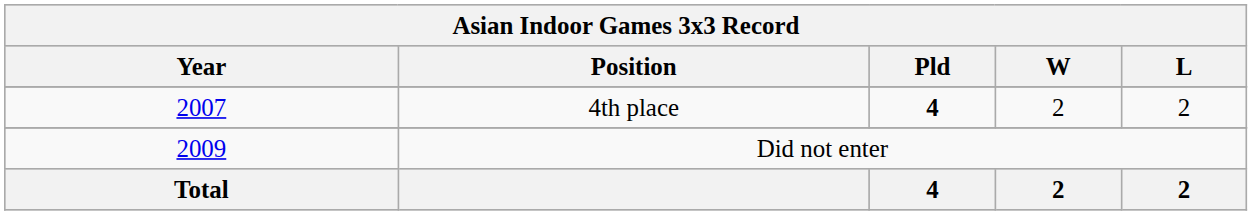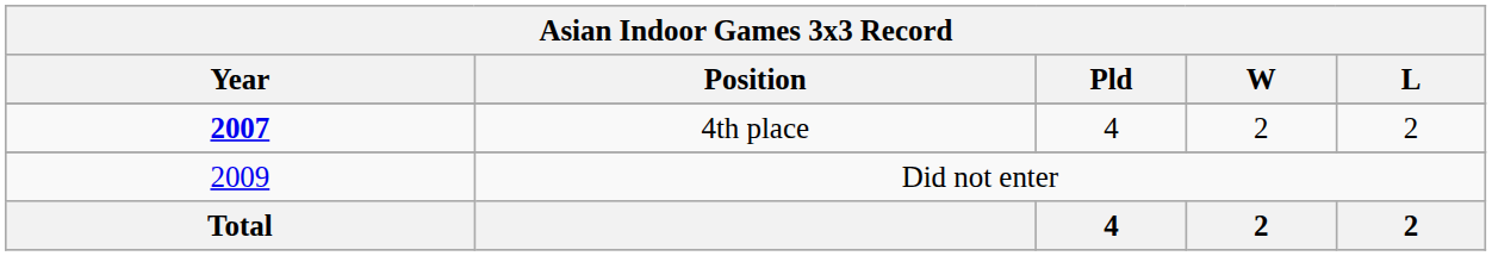 <table class="wikitable collapsible autocollapse" style="text-align: center; font-size:95%;" width=60%>
 <tr>
 <th colspan=9>Asian Indoor Games 3x3 Record</th>
 </tr>
 <tr>
 <th width=25%>Year</th>
 <th width=30%>Position</th>
 <th width=8%>Pld</th>
 <th width=8%>W</th>
 <th width=8%>L</th>
 </tr>
 <tr>
 </tr>
 <tr bgcolor=>
-<td> <a href='#'>2007</a></td>
+<td><strong> <a href='#'>2007</a></strong></td>
 <td>4th place</td>
-<td><strong>4</strong></td>
+<td>4</td>
 <td>2</td>
 <td>2</td>
 </tr>
 <tr>
 </tr>
 <tr bgcolor=>
 <td> <a href='#'>2009</a></td>
 <td colspan=4>Did not enter</td>
 </tr>
 <tr>
 <th><strong>Total</strong></th>
 <th></th>
 <th>4</th>
 <th>2</th>
 <th>2</th>
 </tr>
 </table>
